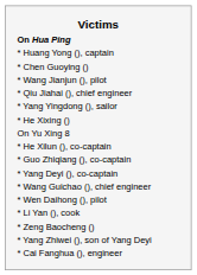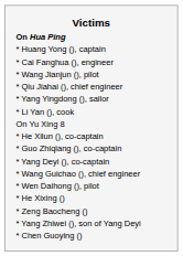 <table style="float:left; margin:1em 2.5em 1em 0em; width:21em; border:1px solid #a0a0a0; padding:10px; background:#f5f5f5; text-align:left; font-size:x-small;">
 <tr style="text-align:center; font-size:small;">
 <td><strong>Victims</strong></td>
 </tr>
 <tr>
 <td><strong>On <em>Hua Ping<strong><em></td>
 </tr>
 <tr>
 <td>* Huang Yong (), captain</td>
 </tr>
 <tr>
-<td>* Chen Guoying ()</td>
+<td>* Cai Fanghua (), engineer</td>
 </tr>
 <tr>
 <td>* Wang Jianjun (), pilot</td>
 </tr>
 <tr>
 <td>* Qiu Jiahai (), chief engineer</td>
 </tr>
 <tr>
 <td>* Yang Yingdong (), sailor</td>
 </tr>
 <tr>
-<td>* He Xixing ()</td>
+<td>* Li Yan (), cook</td>
 </tr>
 <tr>
 <td></strong>On </em>Yu Xing 8</em></strong></td>
 </tr>
 <tr>
 <td>* He Xilun (), co-captain</td>
 </tr>
 <tr>
 <td>* Guo Zhiqiang (), co-captain</td>
 </tr>
 <tr>
 <td>* Yang Deyi (), co-captain</td>
 </tr>
 <tr>
 <td>* Wang Guichao (), chief engineer</td>
 </tr>
 <tr>
 <td>* Wen Daihong (), pilot</td>
 </tr>
 <tr>
-<td>* Li Yan (), cook</td>
+<td>* He Xixing ()</td>
 </tr>
 <tr>
 <td>* Zeng Baocheng ()</td>
 </tr>
 <tr>
 <td>* Yang Zhiwei (), son of Yang Deyi</td>
 </tr>
 <tr>
-<td>* Cai Fanghua (), engineer</td>
+<td>* Chen Guoying ()</td>
 </tr>
 </table>
